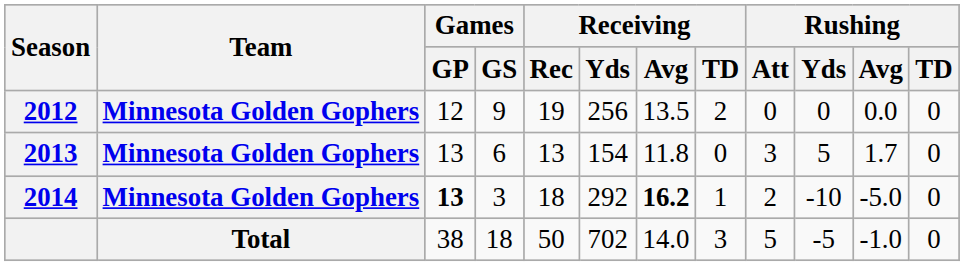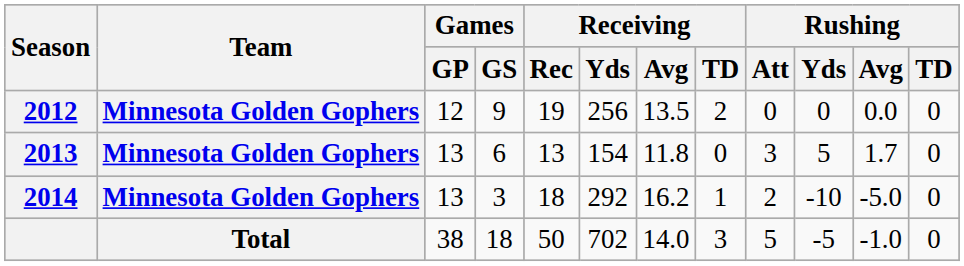 <table class=wikitable style="text-align:center;">
 <tr>
 <th rowspan=2>Season</th>
 <th rowspan=2>Team</th>
 <th colspan=2>Games</th>
 <th colspan=4>Receiving</th>
 <th colspan=4>Rushing</th>
 </tr>
 <tr>
 <th>GP</th>
 <th>GS</th>
 <th>Rec</th>
 <th>Yds</th>
 <th>Avg</th>
 <th>TD</th>
 <th>Att</th>
 <th>Yds</th>
 <th>Avg</th>
 <th>TD</th>
 </tr>
 <tr>
 <th><a href='#'>2012</a></th>
 <th><a href='#'>Minnesota Golden Gophers</a></th>
 <td>12</td>
 <td>9</td>
 <td>19</td>
 <td>256</td>
 <td>13.5</td>
 <td>2</td>
 <td>0</td>
 <td>0</td>
 <td>0.0</td>
 <td>0</td>
 </tr>
 <tr>
 <th><a href='#'>2013</a></th>
 <th><a href='#'>Minnesota Golden Gophers</a></th>
 <td>13</td>
 <td>6</td>
 <td>13</td>
 <td>154</td>
 <td>11.8</td>
 <td>0</td>
 <td>3</td>
 <td>5</td>
 <td>1.7</td>
 <td>0</td>
 </tr>
 <tr>
 <th><a href='#'>2014</a></th>
 <th><a href='#'>Minnesota Golden Gophers</a></th>
-<td><strong>13</strong></td>
+<td>13</td>
 <td>3</td>
 <td>18</td>
 <td>292</td>
-<td><strong>16.2</strong></td>
+<td>16.2</td>
 <td>1</td>
 <td>2</td>
 <td>-10</td>
 <td>-5.0</td>
 <td>0</td>
 </tr>
 <tr>
 <th></th>
 <th>Total</th>
 <td>38</td>
 <td>18</td>
 <td>50</td>
 <td>702</td>
 <td>14.0</td>
 <td>3</td>
 <td>5</td>
 <td>-5</td>
 <td>-1.0</td>
 <td>0</td>
 </tr>
 </table>
